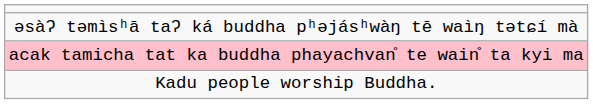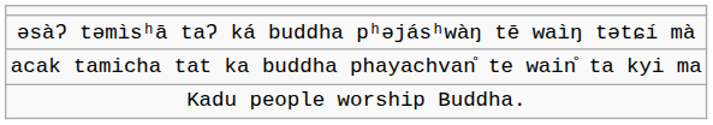 <table class="wikitable" style="text-align:center">
 <tr>
 <td></td>
 </tr>
 <tr>
 <td>əsàʔ təmìsʰā taʔ ká buddha pʰəjásʰwàŋ tē waìŋ tətɕí mà</td>
 </tr>
 <tr>
-<td style="background: pink;">acak tamicha tat ka buddha phayachvan̊ te wain̊ ta kyi ma</td>
+<td>acak tamicha tat ka buddha phayachvan̊ te wain̊ ta kyi ma</td>
 </tr>
 <tr>
 <td>Kadu people worship Buddha.</td>
 </tr>
 </table>
